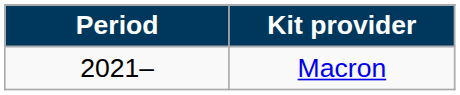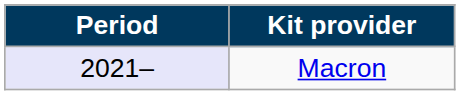 <table class="wikitable" style="text-align: center">
 <tr>
 <th style="width:8em; color:#ffffff; background-color:#00385d">Period</th>
 <th style="width:8em; color:#ffffff; background-color:#00385d">Kit provider</th>
 </tr>
 <tr>
-<td>2021–</td>
+<td style="background: lavender;">2021–</td>
 <td><a href='#'>Macron</a></td>
 </tr>
 </table>
